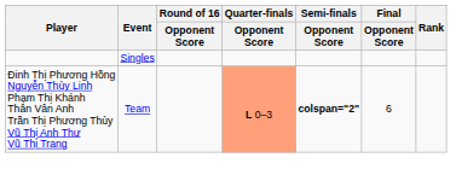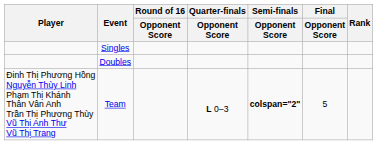 <table class="wikitable" style="font-size:90%; text-align:center">
 <tr>
 <th rowspan="2">Player</th>
 <th rowspan="2">Event</th>
 <th>Round of 16</th>
 <th>Quarter-finals</th>
 <th>Semi-finals</th>
 <th>Final</th>
 <th rowspan="2">Rank</th>
 </tr>
 <tr>
 <th>Opponent<br>Score</th>
 <th>Opponent<br>Score</th>
 <th>Opponent<br>Score</th>
 <th>Opponent<br>Score</th>
 </tr>
 <tr>
 <td align="left"></td>
 <td><a href='#'>Singles</a></td>
 <td></td>
 <td></td>
 <td></td>
 <td></td>
 <td></td>
 </tr>
 <tr>
+<td align="left"></td>
+<td><a href='#'>Doubles</a></td>
+<td></td>
+<td></td>
+<td></td>
+<td></td>
+<td></td>
+</tr>
+<tr>
 <td align="left">Đinh Thị Phương Hồng<br><a href='#'>Nguyễn Thùy Linh</a><br>Phạm Thị Khánh<br>Thân Vân Anh<br>Trần Thị Phương Thùy<br><a href='#'>Vũ Thị Anh Thư</a><br><a href='#'>Vũ Thị Trang</a></td>
 <td><a href='#'>Team</a></td>
 <td></td>
-<td style="background: lightsalmon;"><br><strong>L</strong> 0–3</td>
+<td><br><strong>L</strong> 0–3</td>
 <td><strong>colspan="2" </strong></td>
-<td>6</td>
+<td>5</td>
 </tr>
 </table>
